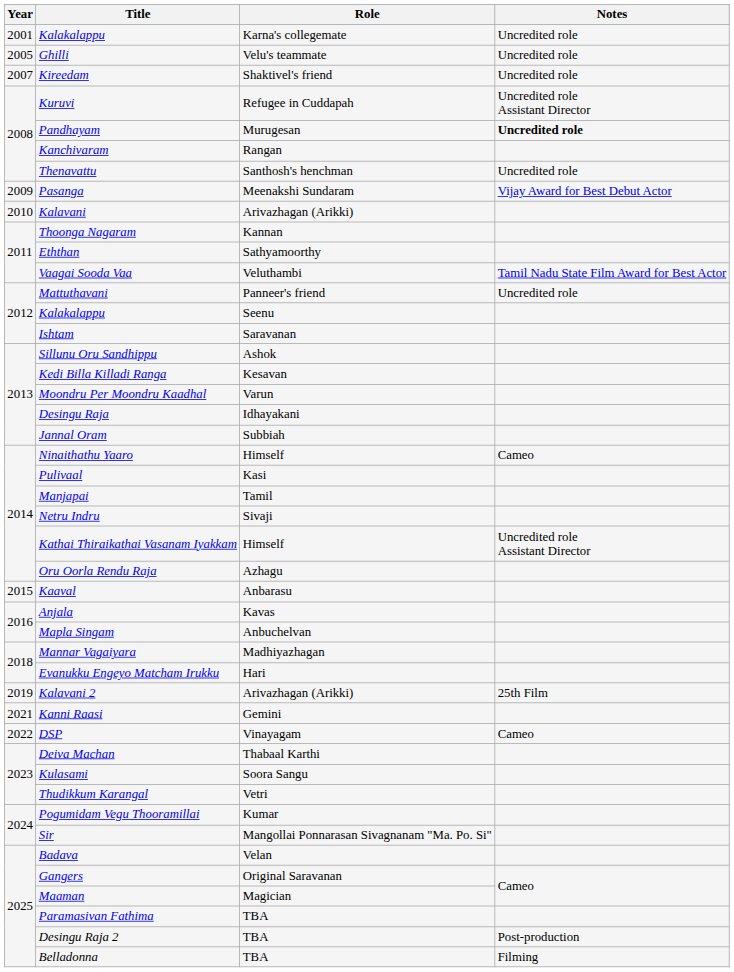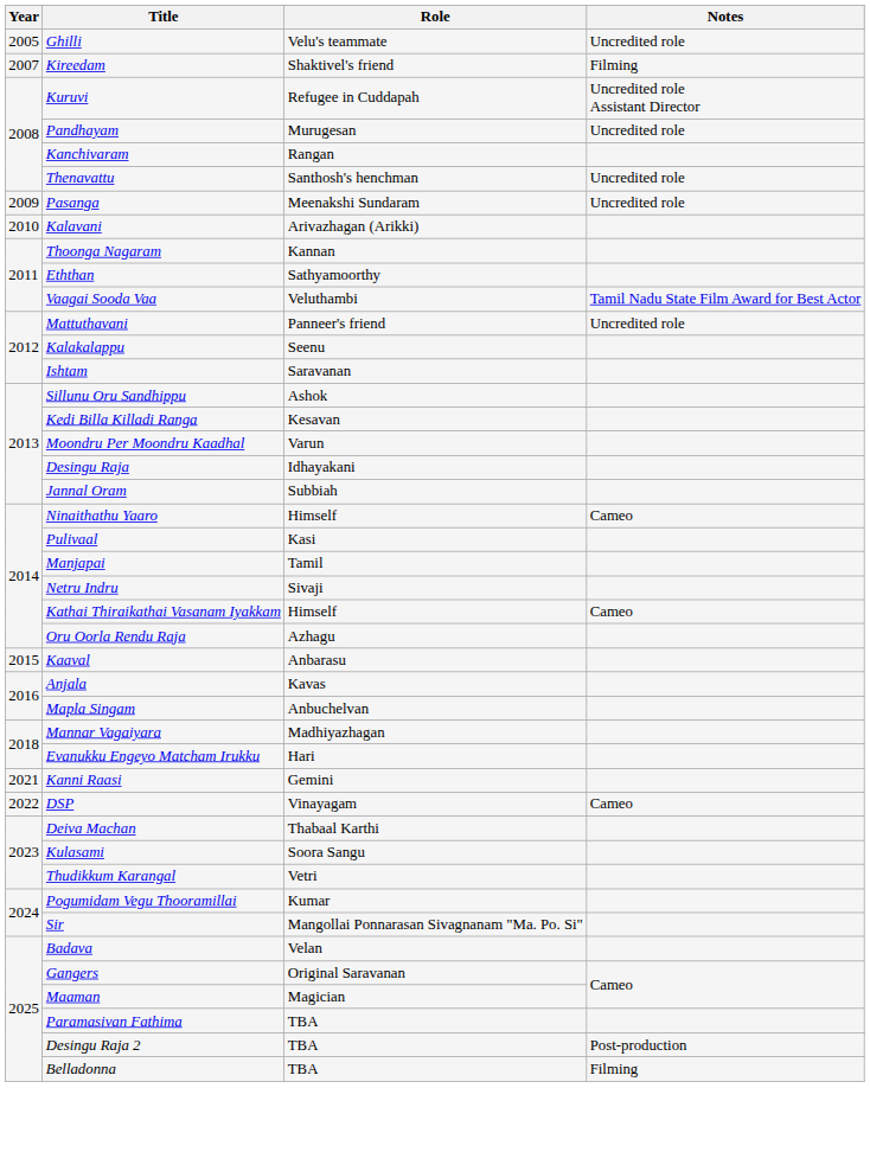 <table class="wikitable sortable" style="background:#f5f5f5;">
 <tr style="background:#B0C4DE;">
 <th scope="col">Year</th>
 <th scope="col">Title</th>
 <th scope="col">Role</th>
 <th scope="col" class="unsortable">Notes</th>
-</tr>
-<tr>
-<td>2001</td>
-<td><em><a href='#'>Kalakalappu</a></em></td>
-<td>Karna's collegemate</td>
-<td>Uncredited role</td>
 </tr>
 <tr>
 <td>2005</td>
 <td><em><a href='#'>Ghilli</a></em></td>
 <td>Velu's teammate</td>
 <td>Uncredited role</td>
 </tr>
 <tr>
 <td>2007</td>
 <td><em><a href='#'>Kireedam</a></em></td>
 <td>Shaktivel's friend</td>
-<td>Uncredited role</td>
+<td>Filming<br>   </td>
 </tr>
 <tr>
 <td rowspan="4">2008</td>
 <td><em><a href='#'>Kuruvi</a></em></td>
 <td>Refugee in Cuddapah</td>
 <td>Uncredited role<br>Assistant Director</td>
 </tr>
 <tr>
 <td><em><a href='#'>Pandhayam</a></em></td>
 <td>Murugesan</td>
-<td><strong>Uncredited role</strong></td>
+<td>Uncredited role</td>
 </tr>
 <tr>
 <td><em><a href='#'>Kanchivaram</a></em></td>
 <td>Rangan</td>
 <td></td>
 </tr>
 <tr>
 <td><em><a href='#'>Thenavattu</a></em></td>
 <td>Santhosh's henchman</td>
 <td>Uncredited role</td>
 </tr>
 <tr>
 <td>2009</td>
 <td><em><a href='#'>Pasanga</a></em></td>
 <td>Meenakshi Sundaram</td>
-<td><a href='#'>Vijay Award for Best Debut Actor</a></td>
+<td>Uncredited role</td>
 </tr>
 <tr>
 <td>2010</td>
 <td><em><a href='#'>Kalavani</a></em></td>
 <td>Arivazhagan (Arikki)</td>
 <td></td>
 </tr>
 <tr>
 <td rowspan="3">2011</td>
 <td><em><a href='#'>Thoonga Nagaram</a></em></td>
 <td>Kannan</td>
 <td></td>
 </tr>
 <tr>
 <td><em><a href='#'>Eththan</a></em></td>
 <td>Sathyamoorthy</td>
 <td></td>
 </tr>
 <tr>
 <td><em><a href='#'>Vaagai Sooda Vaa</a></em></td>
 <td>Veluthambi</td>
 <td><a href='#'>Tamil Nadu State Film Award for Best Actor</a></td>
 </tr>
 <tr>
 <td rowspan="3">2012</td>
 <td><em><a href='#'>Mattuthavani</a></em></td>
 <td>Panneer's friend</td>
 <td>Uncredited role</td>
 </tr>
 <tr>
 <td><em><a href='#'>Kalakalappu</a></em></td>
 <td>Seenu</td>
 <td></td>
 </tr>
 <tr>
 <td><em><a href='#'>Ishtam</a></em></td>
 <td>Saravanan</td>
 <td></td>
 </tr>
 <tr>
 <td rowspan="5">2013</td>
 <td><em><a href='#'>Sillunu Oru Sandhippu</a></em></td>
 <td>Ashok</td>
 <td></td>
 </tr>
 <tr>
 <td><em><a href='#'>Kedi Billa Killadi Ranga</a></em></td>
 <td>Kesavan</td>
 <td></td>
 </tr>
 <tr>
 <td><em><a href='#'>Moondru Per Moondru Kaadhal</a></em></td>
 <td>Varun</td>
 <td></td>
 </tr>
 <tr>
 <td><em><a href='#'>Desingu Raja</a></em></td>
 <td>Idhayakani</td>
 <td></td>
 </tr>
 <tr>
 <td><em><a href='#'>Jannal Oram</a></em></td>
 <td>Subbiah</td>
 <td></td>
 </tr>
 <tr>
 <td rowspan="6">2014</td>
 <td><em><a href='#'>Ninaithathu Yaaro</a></em></td>
 <td>Himself</td>
 <td>Cameo</td>
 </tr>
 <tr>
 <td><em><a href='#'>Pulivaal</a></em></td>
 <td>Kasi</td>
 <td></td>
 </tr>
 <tr>
 <td><em><a href='#'>Manjapai</a></em></td>
 <td>Tamil</td>
 <td></td>
 </tr>
 <tr>
 <td><em><a href='#'>Netru Indru</a></em></td>
 <td>Sivaji</td>
 <td></td>
 </tr>
 <tr>
 <td><em><a href='#'>Kathai Thiraikathai Vasanam Iyakkam</a></em></td>
 <td>Himself</td>
-<td>Uncredited role<br>Assistant Director</td>
+<td>Cameo</td>
 </tr>
 <tr>
 <td><em><a href='#'>Oru Oorla Rendu Raja</a></em></td>
 <td>Azhagu</td>
 <td></td>
 </tr>
 <tr>
 <td>2015</td>
 <td><em><a href='#'>Kaaval</a></em></td>
 <td>Anbarasu</td>
 <td></td>
 </tr>
 <tr>
 <td rowspan="2">2016</td>
 <td><em><a href='#'>Anjala</a></em></td>
 <td>Kavas</td>
 <td></td>
 </tr>
 <tr>
 <td><em><a href='#'>Mapla Singam</a></em></td>
 <td>Anbuchelvan</td>
 <td></td>
 </tr>
 <tr>
 <td rowspan="2">2018</td>
 <td><em><a href='#'>Mannar Vagaiyara</a></em></td>
 <td>Madhiyazhagan</td>
 <td></td>
 </tr>
 <tr>
 <td><em><a href='#'>Evanukku Engeyo Matcham Irukku</a></em></td>
 <td>Hari</td>
 <td></td>
-</tr>
-<tr>
-<td>2019</td>
-<td><em><a href='#'>Kalavani 2</a></em></td>
-<td>Arivazhagan (Arikki)</td>
-<td>25th Film</td>
 </tr>
 <tr>
 <td>2021</td>
 <td><em><a href='#'>Kanni Raasi</a></em></td>
 <td>Gemini</td>
 <td></td>
 </tr>
 <tr>
 <td>2022</td>
 <td><em><a href='#'>DSP</a></em></td>
 <td>Vinayagam</td>
 <td>Cameo</td>
 </tr>
 <tr>
 <td rowspan="3">2023</td>
 <td><em><a href='#'>Deiva Machan</a></em></td>
 <td>Thabaal Karthi</td>
 <td></td>
 </tr>
 <tr>
 <td><em><a href='#'>Kulasami</a></em></td>
 <td>Soora Sangu</td>
 <td></td>
 </tr>
 <tr>
 <td><em><a href='#'>Thudikkum Karangal</a></em></td>
 <td>Vetri</td>
 <td></td>
 </tr>
 <tr>
 <td rowspan="2">2024</td>
 <td><em><a href='#'>Pogumidam Vegu Thooramillai</a></em></td>
 <td>Kumar</td>
 <td></td>
 </tr>
 <tr>
 <td><em><a href='#'>Sir</a></em></td>
 <td>Mangollai Ponnarasan Sivagnanam "Ma. Po. Si"</td>
 <td></td>
 </tr>
 <tr>
 <td rowspan="6">2025</td>
 <td><em><a href='#'>Badava</a></em></td>
 <td>Velan</td>
 <td></td>
 </tr>
 <tr>
 <td><em><a href='#'>Gangers</a></em></td>
 <td>Original Saravanan</td>
 <td rowspan="2">Cameo</td>
 </tr>
 <tr>
 <td><em><a href='#'>Maaman</a></em></td>
 <td>Magician</td>
 </tr>
 <tr>
 <td><em><a href='#'>Paramasivan Fathima</a></em></td>
 <td>TBA</td>
 <td></td>
 </tr>
 <tr>
 <td><em>Desingu Raja 2</em></td>
 <td>TBA</td>
 <td>Post-production</td>
 </tr>
 <tr>
 <td><em>Belladonna</em></td>
 <td>TBA</td>
 <td>Filming<br>   </td>
 </tr>
 </table>
